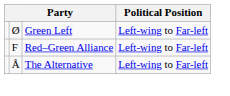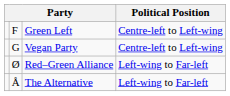 <table class="wikitable mw-collapsible mw-collapsed">
 <tr>
 <th colspan="3">Party</th>
 <th>Political Position</th>
 </tr>
 <tr>
 <td></td>
-<td>Ø</td>
+<td>F</td>
 <td><a href='#'>Green Left</a></td>
-<td><a href='#'>Left-wing</a> to <a href='#'>Far-left</a></td>
+<td><a href='#'>Centre-left</a> to <a href='#'>Left-wing</a></td>
 </tr>
 <tr>
 <td></td>
-<td>F</td>
+<td>G</td>
+<td><a href='#'>Vegan Party</a></td>
+<td><a href='#'>Centre-left</a> to <a href='#'>Left-wing</a></td>
+</tr>
+<tr>
+<td></td>
+<td>Ø</td>
 <td><a href='#'>Red–Green Alliance</a></td>
 <td><a href='#'>Left-wing</a> to <a href='#'>Far-left</a></td>
 </tr>
 <tr>
 <td></td>
 <td>Å</td>
 <td><a href='#'>The Alternative</a></td>
 <td><a href='#'>Left-wing</a> to <a href='#'>Far-left</a></td>
 </tr>
 </table>
